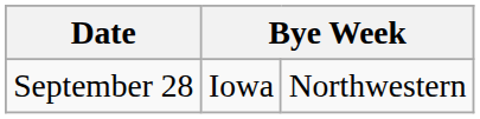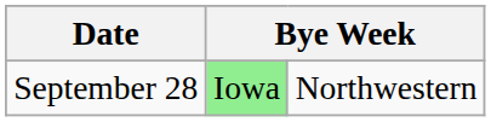 <table class="wikitable" style="font-size:95%;">
 <tr>
 <th>Date</th>
 <th colspan="2">Bye Week</th>
 </tr>
 <tr>
 <td>September 28</td>
-<td>Iowa</td>
+<td style="background: lightgreen;">Iowa</td>
 <td>Northwestern</td>
 </tr>
 </table>
